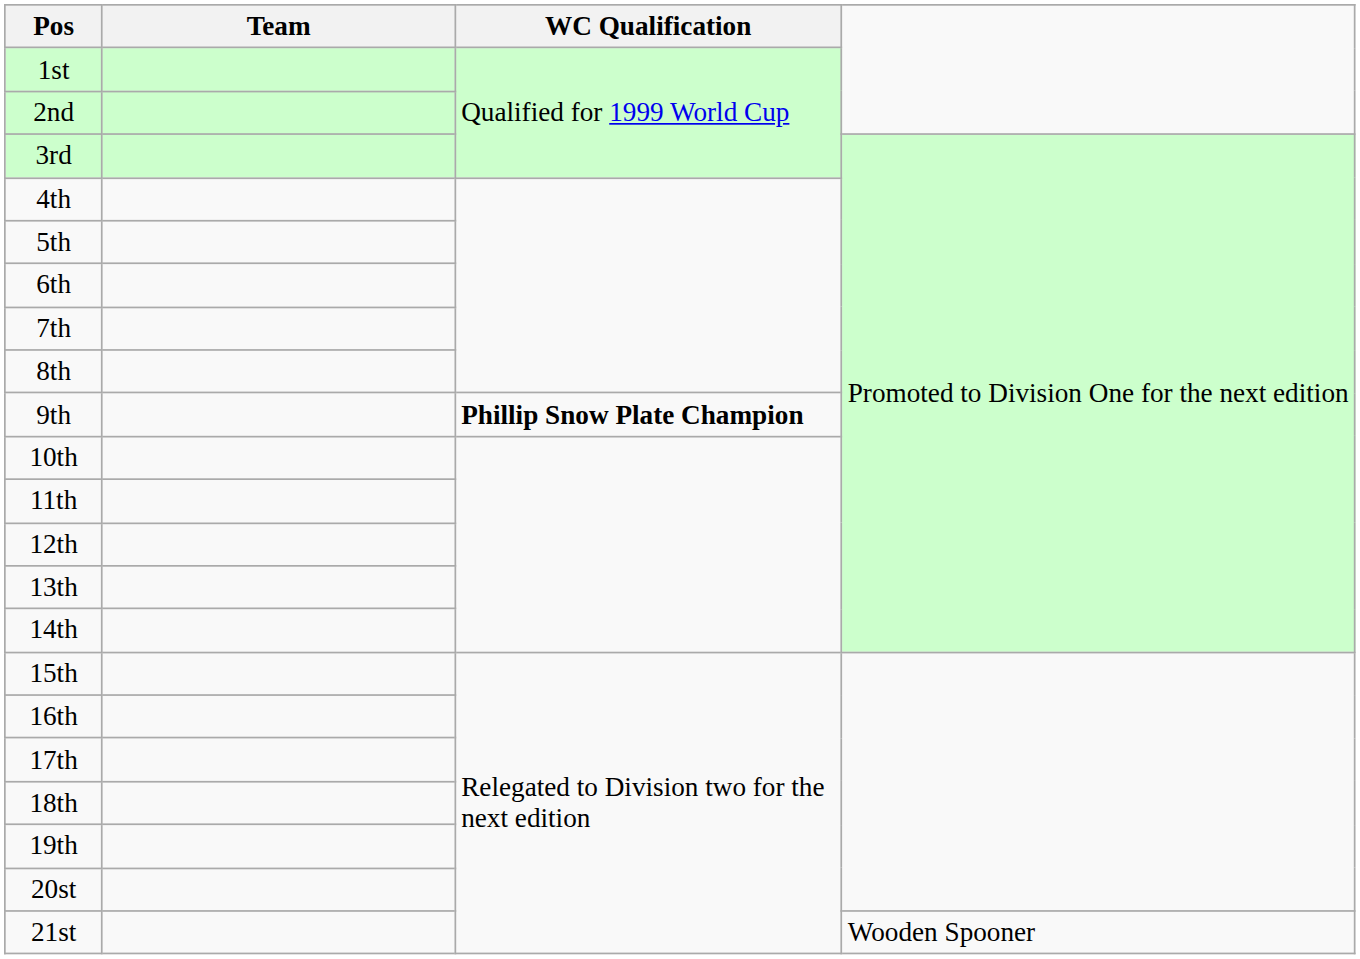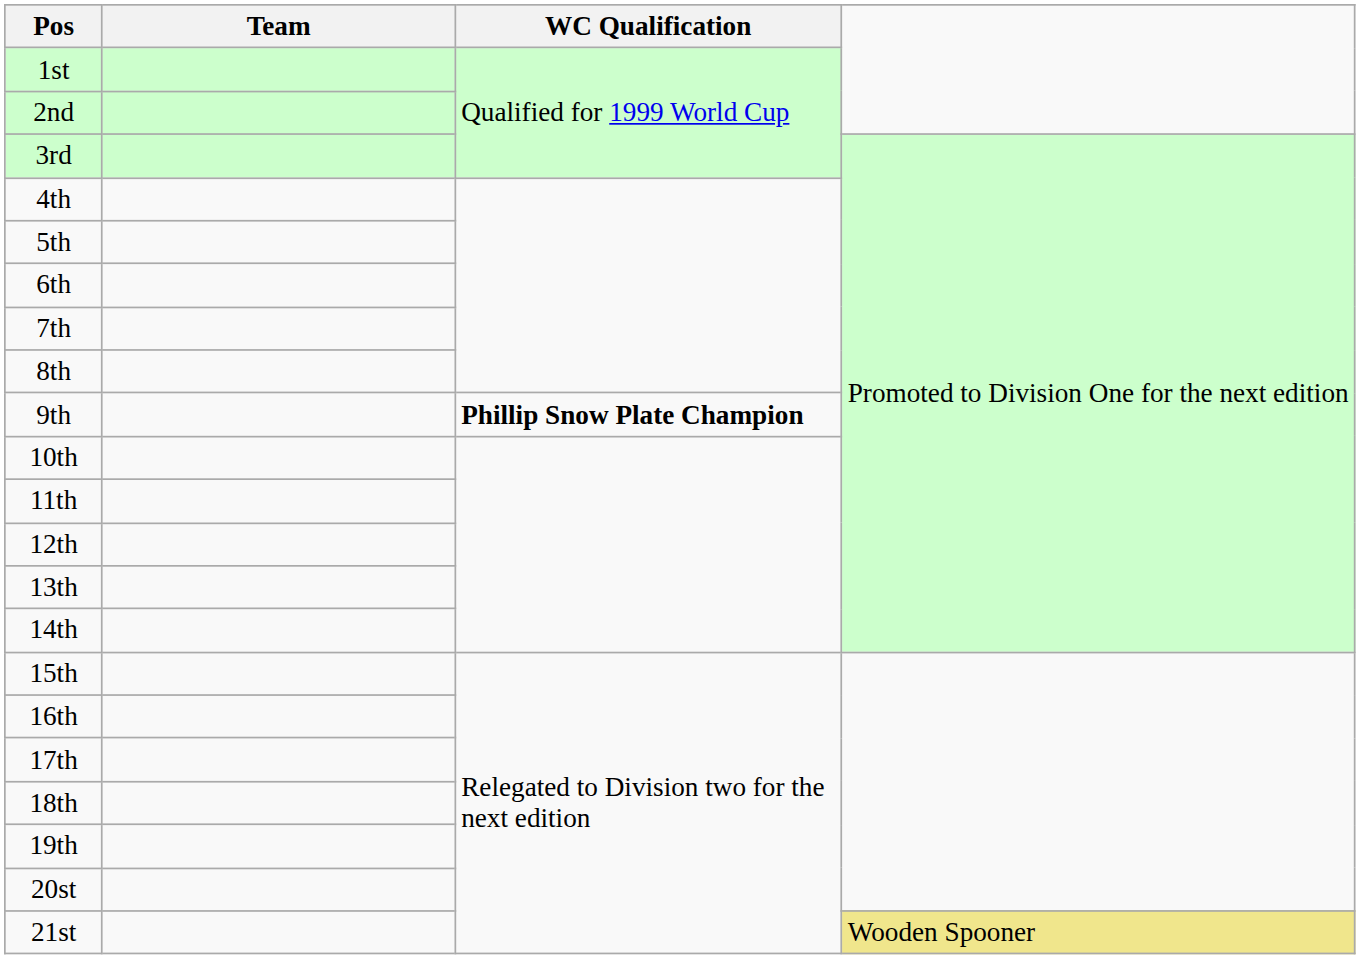 <table class="wikitable">
 <tr>
 <th width=50>Pos</th>
 <th width=200>Team</th>
 <th width=220>WC Qualification</th>
 </tr>
 <tr - style="background:#cfc;">
 <td align="center">1st</td>
 <td></td>
 <td rowspan=3>Qualified for <a href='#'>1999 World Cup</a></td>
 </tr>
 <tr - style="background:#cfc;">
 <td align="center">2nd</td>
 <td></td>
 </tr>
 <tr - style="background:#cfc;">
 <td align="center">3rd</td>
 <td></td>
 <td rowspan=12>Promoted to Division One for the next edition</td>
 </tr>
 <tr>
 <td align="center">4th</td>
 <td></td>
 </tr>
 <tr>
 <td align="center">5th</td>
 <td></td>
 </tr>
 <tr>
 <td align="center">6th</td>
 <td></td>
 </tr>
 <tr>
 <td align="center">7th</td>
 <td></td>
 </tr>
 <tr>
 <td align="center">8th</td>
 <td></td>
 </tr>
 <tr>
 <td align="center">9th</td>
 <td></td>
 <td><strong>Phillip Snow Plate Champion</strong></td>
 </tr>
 <tr>
 <td align="center">10th</td>
 <td></td>
 </tr>
 <tr>
 <td align="center">11th</td>
 <td></td>
 </tr>
 <tr>
 <td align="center">12th</td>
 <td></td>
 </tr>
 <tr>
 <td align="center">13th</td>
 <td></td>
 </tr>
 <tr>
 <td align="center">14th</td>
 <td></td>
 </tr>
 <tr>
 <td align="center">15th</td>
 <td></td>
 <td rowspan=8>Relegated to Division two for the next edition</td>
 </tr>
 <tr>
 <td align="center">16th</td>
 <td></td>
 </tr>
 <tr>
 <td align="center">17th</td>
 <td></td>
 </tr>
 <tr>
 <td align="center">18th</td>
 <td></td>
 </tr>
 <tr>
 <td align="center">19th</td>
 <td></td>
 </tr>
 <tr>
 <td align="center">20st</td>
 <td></td>
 </tr>
 <tr>
 <td align="center">21st</td>
 <td><br></td>
-<td>Wooden Spooner</td>
+<td style="background: khaki;">Wooden Spooner</td>
 </tr>
 </table>
